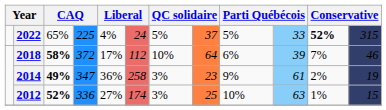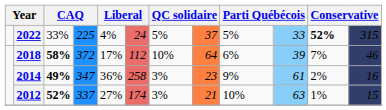 <table class="wikitable" style="float:right; width:400; font-size:90%; margin-left:1em;">
 <tr>
 <th colspan="2" scope="col">Year</th>
 <th colspan="2" scope="col"><a href='#'>CAQ</a></th>
 <th colspan="2" scope="col"><a href='#'>Liberal</a></th>
 <th colspan="2" scope="col"><a href='#'>QC solidaire</a></th>
 <th colspan="2" scope="col"><a href='#'>Parti Québécois</a></th>
 <th colspan="2" scope="col"><a href='#'>Conservative</a></th>
 </tr>
 <tr>
 <td style="width: 0.25em; background-color: "></td>
 <th><a href='#'>2022</a></th>
-<td>65%</td>
+<td>33%</td>
 <td style="text-align:right; background:#1E90FF;"><em>225</em></td>
 <td>4%</td>
 <td style="text-align:right; background:#EA6D6A;"><em>24</em></td>
 <td>5%</td>
 <td style="text-align:right; background:#FF8040;"><em>37</em></td>
 <td>5%</td>
 <td style="text-align:right; background:#87CEFA;"><em>33</em></td>
 <td><span><strong>52%</strong></span></td>
 <td style="text-align:right; background:#313E6B;"><span><em>315</em></span></td>
 </tr>
 <tr>
 <td rowspan="3" style="width: 0.25em; background-color: "></td>
 <th><a href='#'>2018</a></th>
 <td><strong>58%</strong></td>
 <td style="text-align:right; background:#1E90FF;"><em>372</em></td>
 <td>17%</td>
 <td style="text-align:right; background:#EA6D6A;"><em>112</em></td>
 <td>10%</td>
 <td style="text-align:right; background:#FF8040;"><em>64</em></td>
 <td>6%</td>
 <td style="text-align:right; background:#87CEFA;"><em>39</em></td>
 <td><span>7%</span></td>
 <td style="text-align:right; background:#313E6B;"><span><em>46</em></span></td>
 </tr>
 <tr>
 <th><a href='#'>2014</a></th>
 <td><strong>49%</strong></td>
 <td style="text-align:right; background:#1E90FF;"><em>347</em></td>
 <td>36%</td>
 <td style="text-align:right; background:#EA6D6A;"><em>258</em></td>
 <td>3%</td>
 <td style="text-align:right; background:#FF8040;"><em>23</em></td>
 <td>9%</td>
 <td style="text-align:right; background:#87CEFA;"><em>61</em></td>
 <td><span>2%</span></td>
-<td style="text-align:right; background:#313E6B;"><span><em>19</em></span></td>
+<td style="text-align:right; background:#313E6B;"><span><em>16</em></span></td>
 </tr>
 <tr>
 <th><a href='#'>2012</a></th>
 <td><strong>52%</strong></td>
-<td style="text-align:right; background:#1E90FF;"><em>336</em></td>
+<td style="text-align:right; background:#1E90FF;"><em>337</em></td>
 <td>27%</td>
 <td style="text-align:right; background:#EA6D6A;"><em>174</em></td>
 <td>3%</td>
-<td style="text-align:right; background:#FF8040;"><em>25</em></td>
+<td style="text-align:right; background:#FF8040;"><em>21</em></td>
 <td>10%</td>
 <td style="text-align:right; background:#87CEFA;"><em>63</em></td>
 <td><span>1%</span></td>
 <td style="text-align:right; background:#313E6B;"><span><em>15</em></span></td>
 </tr>
 <tr>
 </tr>
 </table>
